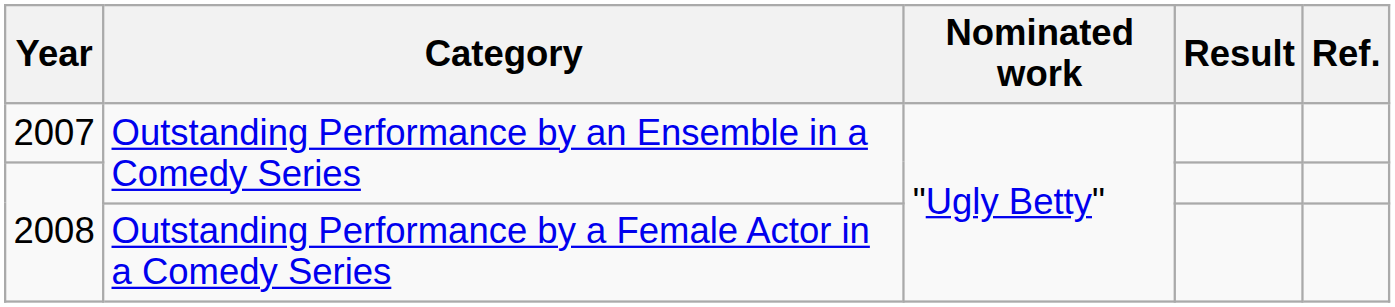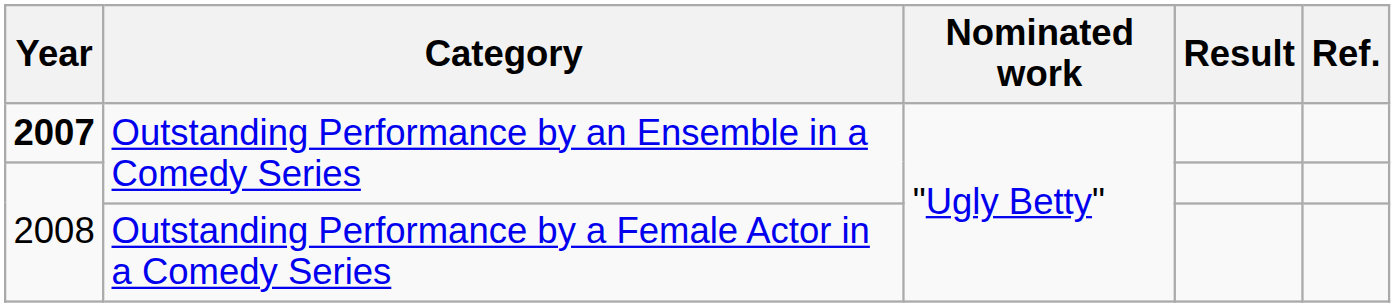 <table class="wikitable">
 <tr>
 <th>Year</th>
 <th>Category</th>
 <th>Nominated work</th>
 <th>Result</th>
 <th>Ref.</th>
 </tr>
 <tr>
-<td>2007</td>
+<td><strong>2007</strong></td>
 <td rowspan="2"><a href='#'>Outstanding Performance by an Ensemble in a Comedy Series</a></td>
 <td rowspan="3">"<a href='#'>Ugly Betty</a>"</td>
 <td></td>
 <td></td>
 </tr>
 <tr>
 <td rowspan="2">2008</td>
 <td></td>
 <td></td>
 </tr>
 <tr>
 <td><a href='#'>Outstanding Performance by a Female Actor in a Comedy Series</a></td>
 <td></td>
 <td></td>
 </tr>
 </table>
